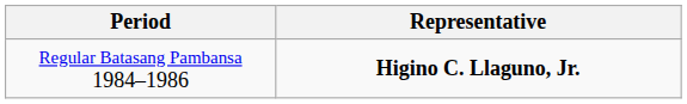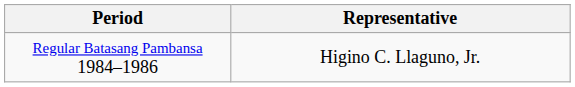 <table class="wikitable" style="text-align:center; width:40%;">
 <tr>
 <th width="40%">Period</th>
 <th>Representative</th>
 </tr>
 <tr>
 <td><small><a href='#'>Regular Batasang Pambansa</a></small><br>1984–1986</td>
-<td><strong>Higino C. Llaguno, Jr.</strong></td>
+<td>Higino C. Llaguno, Jr.</td>
 </tr>
 </table>
